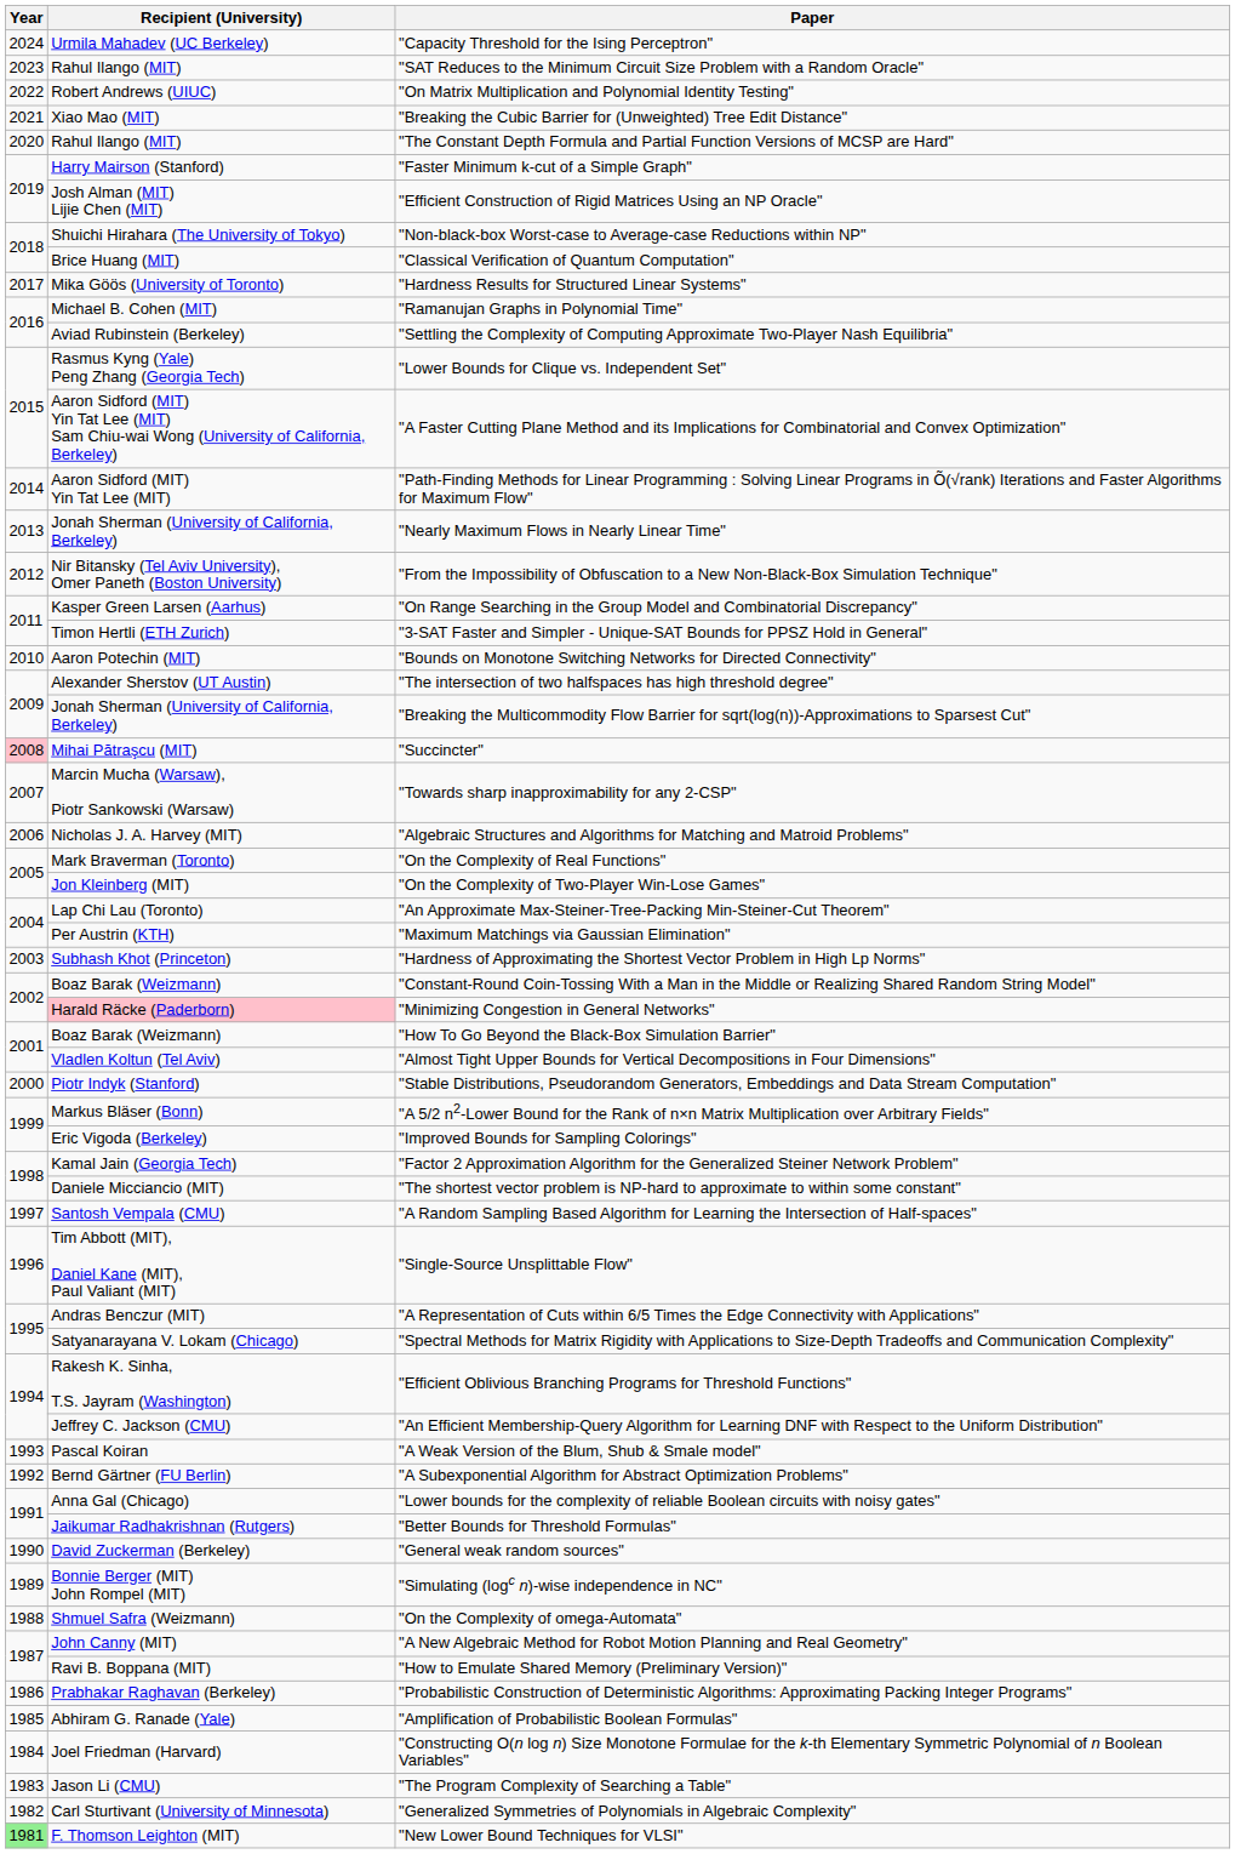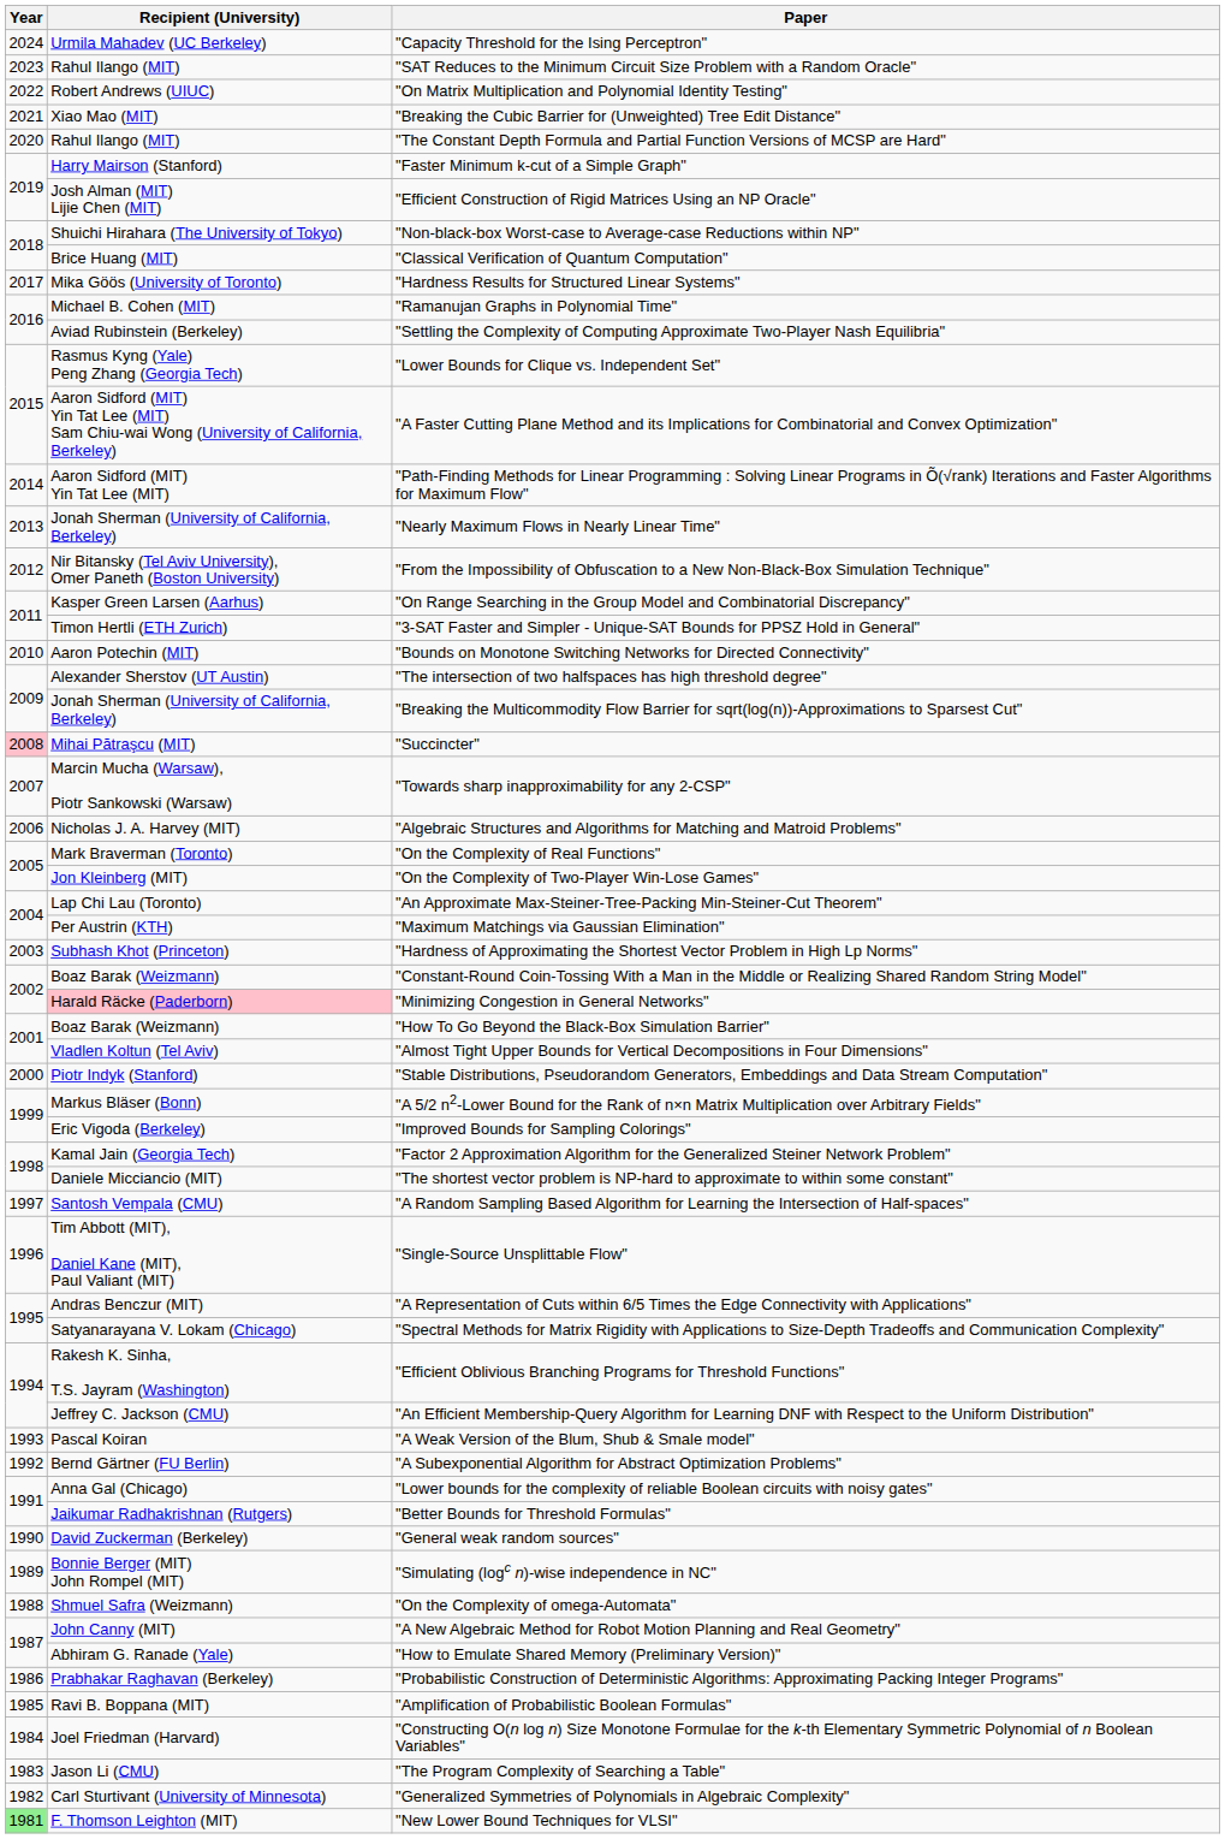 <table class="wikitable">
 <tr>
 <th>Year</th>
 <th>Recipient (University)</th>
 <th>Paper</th>
 </tr>
 <tr>
 <td>2024</td>
 <td><a href='#'>Urmila Mahadev</a>  (<a href='#'>UC Berkeley</a>)</td>
 <td>"Capacity Threshold for the Ising Perceptron"</td>
 </tr>
 <tr>
 <td>2023</td>
 <td>Rahul Ilango (<a href='#'>MIT</a>)</td>
 <td>"SAT Reduces to the Minimum Circuit Size Problem with a Random Oracle"</td>
 </tr>
 <tr>
 <td>2022</td>
 <td>Robert Andrews (<a href='#'>UIUC</a>)</td>
 <td>"On Matrix Multiplication and Polynomial Identity Testing"</td>
 </tr>
 <tr>
 <td>2021</td>
 <td>Xiao Mao (<a href='#'>MIT</a>)</td>
 <td>"Breaking the Cubic Barrier for (Unweighted) Tree Edit Distance"</td>
 </tr>
 <tr>
 <td>2020</td>
 <td>Rahul Ilango (<a href='#'>MIT</a>)</td>
 <td>"The Constant Depth Formula and Partial Function Versions of MCSP are Hard"</td>
 </tr>
 <tr>
 <td rowspan="2">2019</td>
 <td><a href='#'>Harry Mairson</a> (Stanford)</td>
 <td>"Faster Minimum k-cut of a Simple Graph"</td>
 </tr>
 <tr>
 <td>Josh Alman (<a href='#'>MIT</a>) <br> Lijie Chen (<a href='#'>MIT</a>)</td>
 <td>"Efficient Construction of Rigid Matrices Using an NP Oracle"</td>
 </tr>
 <tr>
 <td rowspan="2">2018</td>
 <td>Shuichi Hirahara  (<a href='#'>The University of Tokyo</a>)</td>
 <td>"Non-black-box Worst-case to Average-case Reductions within NP"</td>
 </tr>
 <tr>
 <td>Brice Huang (<a href='#'>MIT</a>)</td>
 <td>"Classical Verification of Quantum Computation"</td>
 </tr>
 <tr>
 <td>2017</td>
 <td>Mika Göös (<a href='#'>University of Toronto</a>)</td>
 <td>"Hardness Results for Structured Linear Systems"</td>
 </tr>
 <tr>
 <td rowspan="2">2016</td>
 <td>Michael B. Cohen (<a href='#'>MIT</a>)</td>
 <td>"Ramanujan Graphs in Polynomial Time"</td>
 </tr>
 <tr>
 <td>Aviad Rubinstein (Berkeley)</td>
 <td>"Settling the Complexity of Computing Approximate Two-Player Nash Equilibria"</td>
 </tr>
 <tr>
 <td rowspan="2">2015</td>
 <td>Rasmus Kyng  (<a href='#'>Yale</a>) <br> Peng Zhang (<a href='#'>Georgia Tech</a>)</td>
 <td>"Lower Bounds for Clique vs. Independent Set"</td>
 </tr>
 <tr>
 <td>Aaron Sidford (<a href='#'>MIT</a>)<br>Yin Tat Lee (<a href='#'>MIT</a>)<br>Sam Chiu-wai Wong (<a href='#'>University of California, Berkeley</a>)</td>
 <td>"A Faster Cutting Plane Method and its Implications for Combinatorial and Convex Optimization"</td>
 </tr>
 <tr>
 <td>2014</td>
 <td>Aaron Sidford (MIT)<br>Yin Tat Lee (MIT)</td>
 <td>"Path-Finding Methods for Linear Programming : Solving Linear Programs in Õ(√rank) Iterations and Faster Algorithms for Maximum Flow"</td>
 </tr>
 <tr>
 <td>2013</td>
 <td>Jonah Sherman (<a href='#'>University of California, Berkeley</a>)</td>
 <td>"Nearly Maximum Flows in Nearly Linear Time" </td>
 </tr>
 <tr>
 <td>2012</td>
 <td>Nir Bitansky (<a href='#'>Tel Aviv University</a>),<br>Omer Paneth (<a href='#'>Boston University</a>)</td>
 <td>"From the Impossibility of Obfuscation to a New Non-Black-Box Simulation Technique"</td>
 </tr>
 <tr>
 <td rowspan="2">2011</td>
 <td>Kasper Green Larsen (<a href='#'>Aarhus</a>)</td>
 <td>"On Range Searching in the Group Model and Combinatorial Discrepancy"</td>
 </tr>
 <tr>
 <td>Timon Hertli (<a href='#'>ETH Zurich</a>)</td>
 <td>"3-SAT Faster and Simpler - Unique-SAT Bounds for PPSZ Hold in General"</td>
 </tr>
 <tr>
 <td>2010</td>
 <td>Aaron Potechin (<a href='#'>MIT</a>)</td>
 <td>"Bounds on Monotone Switching Networks for Directed Connectivity"</td>
 </tr>
 <tr>
 <td rowspan="2">2009</td>
 <td>Alexander Sherstov (<a href='#'>UT Austin</a>)</td>
 <td>"The intersection of two halfspaces has high threshold degree"</td>
 </tr>
 <tr>
 <td>Jonah Sherman (<a href='#'>University of California, Berkeley</a>)</td>
 <td>"Breaking the Multicommodity Flow Barrier for sqrt(log(n))-Approximations to Sparsest Cut"</td>
 </tr>
 <tr>
 <td style="background: pink;">2008</td>
 <td><a href='#'>Mihai Pătraşcu</a> (<a href='#'>MIT</a>)</td>
 <td>"Succincter"</td>
 </tr>
 <tr>
 <td>2007</td>
 <td>Marcin Mucha (<a href='#'>Warsaw</a>),<br><br>Piotr Sankowski (Warsaw)</td>
 <td>"Towards sharp inapproximability for any 2-CSP"</td>
 </tr>
 <tr>
 <td>2006</td>
 <td>Nicholas J. A. Harvey (MIT)</td>
 <td>"Algebraic Structures and Algorithms for Matching and Matroid Problems"</td>
 </tr>
 <tr>
 <td rowspan="2">2005</td>
 <td>Mark Braverman (<a href='#'>Toronto</a>)</td>
 <td>"On the Complexity of Real Functions"</td>
 </tr>
 <tr>
 <td><a href='#'>Jon Kleinberg</a> (MIT)</td>
 <td>"On the Complexity of Two-Player Win-Lose Games"</td>
 </tr>
 <tr>
 <td rowspan="2">2004</td>
 <td>Lap Chi Lau (Toronto)</td>
 <td>"An Approximate Max-Steiner-Tree-Packing Min-Steiner-Cut Theorem"</td>
 </tr>
 <tr>
 <td>Per Austrin (<a href='#'>KTH</a>)</td>
 <td>"Maximum Matchings via Gaussian Elimination"</td>
 </tr>
 <tr>
 <td>2003</td>
 <td><a href='#'>Subhash Khot</a> (<a href='#'>Princeton</a>)</td>
 <td>"Hardness of Approximating the Shortest Vector Problem in High Lp Norms"</td>
 </tr>
 <tr>
 <td rowspan="2">2002</td>
 <td>Boaz Barak (<a href='#'>Weizmann</a>)</td>
 <td>"Constant-Round Coin-Tossing With a Man in the Middle or Realizing Shared Random String Model"</td>
 </tr>
 <tr>
 <td style="background: pink;">Harald Räcke (<a href='#'>Paderborn</a>)</td>
 <td>"Minimizing Congestion in General Networks"</td>
 </tr>
 <tr>
 <td rowspan="2">2001</td>
 <td>Boaz Barak (Weizmann)</td>
 <td>"How To Go Beyond the Black-Box Simulation Barrier"</td>
 </tr>
 <tr>
 <td><a href='#'>Vladlen Koltun</a> (<a href='#'>Tel Aviv</a>)</td>
 <td>"Almost Tight Upper Bounds for Vertical Decompositions in Four Dimensions"</td>
 </tr>
 <tr>
 <td>2000</td>
 <td><a href='#'>Piotr Indyk</a> (<a href='#'>Stanford</a>)</td>
 <td>"Stable Distributions, Pseudorandom Generators, Embeddings and Data Stream Computation"</td>
 </tr>
 <tr>
 <td rowspan="2">1999</td>
 <td>Markus Bläser (<a href='#'>Bonn</a>)</td>
 <td>"A 5/2 n<sup>2</sup>-Lower Bound for the Rank of n×n Matrix Multiplication over Arbitrary Fields"</td>
 </tr>
 <tr>
 <td>Eric Vigoda (<a href='#'>Berkeley</a>)</td>
 <td>"Improved Bounds for Sampling Colorings"</td>
 </tr>
 <tr>
 <td rowspan="2">1998</td>
 <td>Kamal Jain (<a href='#'>Georgia Tech</a>)</td>
 <td>"Factor 2 Approximation Algorithm for the Generalized Steiner Network Problem"</td>
 </tr>
 <tr>
 <td>Daniele Micciancio (MIT)</td>
 <td>"The shortest vector problem is NP-hard to approximate to within some constant"</td>
 </tr>
 <tr>
 <td>1997</td>
 <td><a href='#'>Santosh Vempala</a> (<a href='#'>CMU</a>)</td>
 <td>"A Random Sampling Based Algorithm for Learning the Intersection of Half-spaces"</td>
 </tr>
 <tr>
 <td>1996</td>
 <td>Tim Abbott (MIT),<br><br><a href='#'>Daniel Kane</a> (MIT),<br> Paul Valiant (MIT)</td>
 <td>"Single-Source Unsplittable Flow"</td>
 </tr>
 <tr>
 <td rowspan="2">1995</td>
 <td>Andras Benczur (MIT)</td>
 <td>"A Representation of Cuts within 6/5 Times the Edge Connectivity with Applications"</td>
 </tr>
 <tr>
 <td>Satyanarayana V. Lokam (<a href='#'>Chicago</a>)</td>
 <td>"Spectral Methods for Matrix Rigidity with Applications to Size-Depth Tradeoffs and Communication Complexity"</td>
 </tr>
 <tr>
 <td rowspan="2">1994</td>
 <td>Rakesh K. Sinha, <br><br>T.S. Jayram (<a href='#'>Washington</a>)</td>
 <td>"Efficient Oblivious Branching Programs for Threshold Functions"</td>
 </tr>
 <tr>
 <td>Jeffrey C. Jackson (<a href='#'>CMU</a>)</td>
 <td>"An Efficient Membership-Query Algorithm for Learning DNF with Respect to the Uniform Distribution"</td>
 </tr>
 <tr>
 <td>1993</td>
 <td>Pascal Koiran</td>
 <td>"A Weak Version of the Blum, Shub & Smale model"</td>
 </tr>
 <tr>
 <td>1992</td>
 <td>Bernd Gärtner (<a href='#'>FU Berlin</a>)</td>
 <td>"A Subexponential Algorithm for Abstract Optimization Problems"</td>
 </tr>
 <tr>
 <td rowspan="2">1991</td>
 <td>Anna Gal (Chicago)</td>
 <td>"Lower bounds for the complexity of reliable Boolean circuits with noisy gates"</td>
 </tr>
 <tr>
 <td><a href='#'>Jaikumar Radhakrishnan</a> (<a href='#'>Rutgers</a>)</td>
 <td>"Better Bounds for Threshold Formulas"</td>
 </tr>
 <tr>
 <td>1990</td>
 <td><a href='#'>David Zuckerman</a> (Berkeley)</td>
 <td>"General weak random sources"</td>
 </tr>
 <tr>
 <td>1989</td>
 <td><a href='#'>Bonnie Berger</a> (MIT)<br>John Rompel (MIT)</td>
 <td>"Simulating (log<sup><em>c</em></sup> <em>n</em>)-wise independence in NC"</td>
 </tr>
 <tr>
 <td>1988</td>
 <td><a href='#'>Shmuel Safra</a> (Weizmann)</td>
 <td>"On the Complexity of omega-Automata"</td>
 </tr>
 <tr>
 <td rowspan="2">1987</td>
 <td><a href='#'>John Canny</a> (MIT)</td>
 <td>"A New Algebraic Method for Robot Motion Planning and Real Geometry"</td>
 </tr>
 <tr>
-<td>Ravi B. Boppana (MIT)</td>
+<td>Abhiram G. Ranade (<a href='#'>Yale</a>)</td>
 <td>"How to Emulate Shared Memory (Preliminary Version)"</td>
 </tr>
 <tr>
 <td>1986</td>
 <td><a href='#'>Prabhakar Raghavan</a> (Berkeley)</td>
 <td>"Probabilistic Construction of Deterministic Algorithms: Approximating Packing Integer Programs"</td>
 </tr>
 <tr>
 <td>1985</td>
-<td>Abhiram G. Ranade (<a href='#'>Yale</a>)</td>
+<td>Ravi B. Boppana (MIT)</td>
 <td>"Amplification of Probabilistic Boolean Formulas"</td>
 </tr>
 <tr>
 <td>1984</td>
 <td>Joel Friedman (Harvard)</td>
 <td>"Constructing O(<em>n</em> log <em>n</em>) Size Monotone Formulae for the <em>k</em>-th Elementary Symmetric Polynomial of <em>n</em> Boolean Variables"</td>
 </tr>
 <tr>
 <td>1983</td>
 <td>Jason Li  (<a href='#'>CMU</a>)</td>
 <td>"The Program Complexity of Searching a Table"</td>
 </tr>
 <tr>
 <td>1982</td>
 <td>Carl Sturtivant (<a href='#'>University of Minnesota</a>)</td>
 <td>"Generalized Symmetries of Polynomials in Algebraic Complexity"</td>
 </tr>
 <tr>
 <td style="background: lightgreen;">1981</td>
 <td><a href='#'>F. Thomson Leighton</a> (MIT)</td>
 <td>"New Lower Bound Techniques for VLSI"</td>
 </tr>
 </table>
